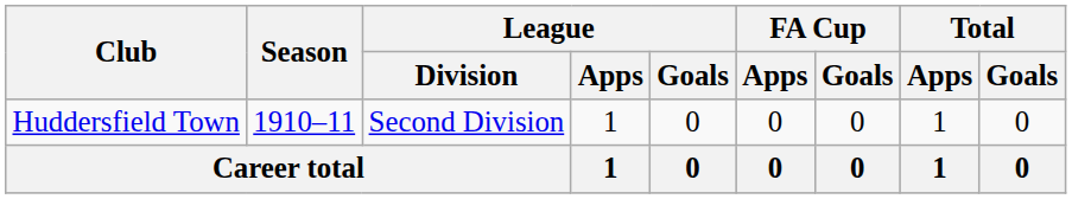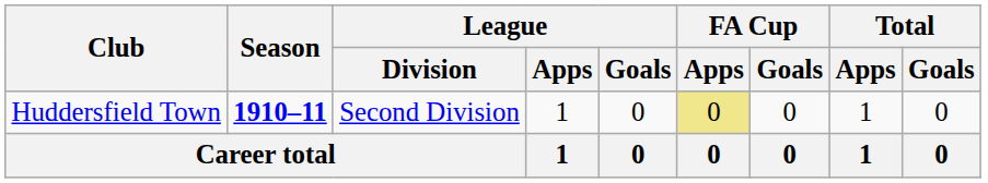 <table class="wikitable" style="text-align:center">
 <tr>
 <th rowspan="2">Club</th>
 <th rowspan="2">Season</th>
 <th colspan="3">League</th>
 <th colspan="2">FA Cup</th>
 <th colspan="2">Total</th>
 </tr>
 <tr>
 <th>Division</th>
 <th>Apps</th>
 <th>Goals</th>
 <th>Apps</th>
 <th>Goals</th>
 <th>Apps</th>
 <th>Goals</th>
 </tr>
 <tr>
 <td><a href='#'>Huddersfield Town</a></td>
-<td><a href='#'>1910–11</a></td>
+<td><strong><a href='#'>1910–11</a></strong></td>
 <td><a href='#'>Second Division</a></td>
 <td>1</td>
 <td>0</td>
-<td>0</td>
+<td style="background: khaki;">0</td>
 <td>0</td>
 <td>1</td>
 <td>0</td>
 </tr>
 <tr>
 <th colspan="3">Career total</th>
 <th>1</th>
 <th>0</th>
 <th>0</th>
 <th>0</th>
 <th>1</th>
 <th>0</th>
 </tr>
 </table>
